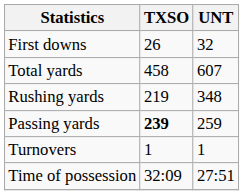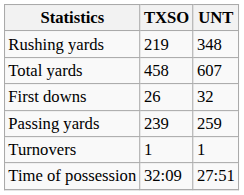 <table class="wikitable">
 <tr>
 <th>Statistics</th>
 <th>TXSO</th>
 <th>UNT</th>
 </tr>
 <tr>
-<td>First downs</td>
-<td>26</td>
-<td>32</td>
+<td>Rushing yards</td>
+<td>219</td>
+<td>348</td>
 </tr>
 <tr>
 <td>Total yards</td>
 <td>458</td>
 <td>607</td>
 </tr>
 <tr>
-<td>Rushing yards</td>
-<td>219</td>
-<td>348</td>
+<td>First downs</td>
+<td>26</td>
+<td>32</td>
 </tr>
 <tr>
 <td>Passing yards</td>
-<td><strong>239</strong></td>
+<td>239</td>
 <td>259</td>
 </tr>
 <tr>
 <td>Turnovers</td>
 <td>1</td>
 <td>1</td>
 </tr>
 <tr>
 <td>Time of possession</td>
 <td>32:09</td>
 <td>27:51</td>
 </tr>
 <tr>
 </tr>
 </table>
